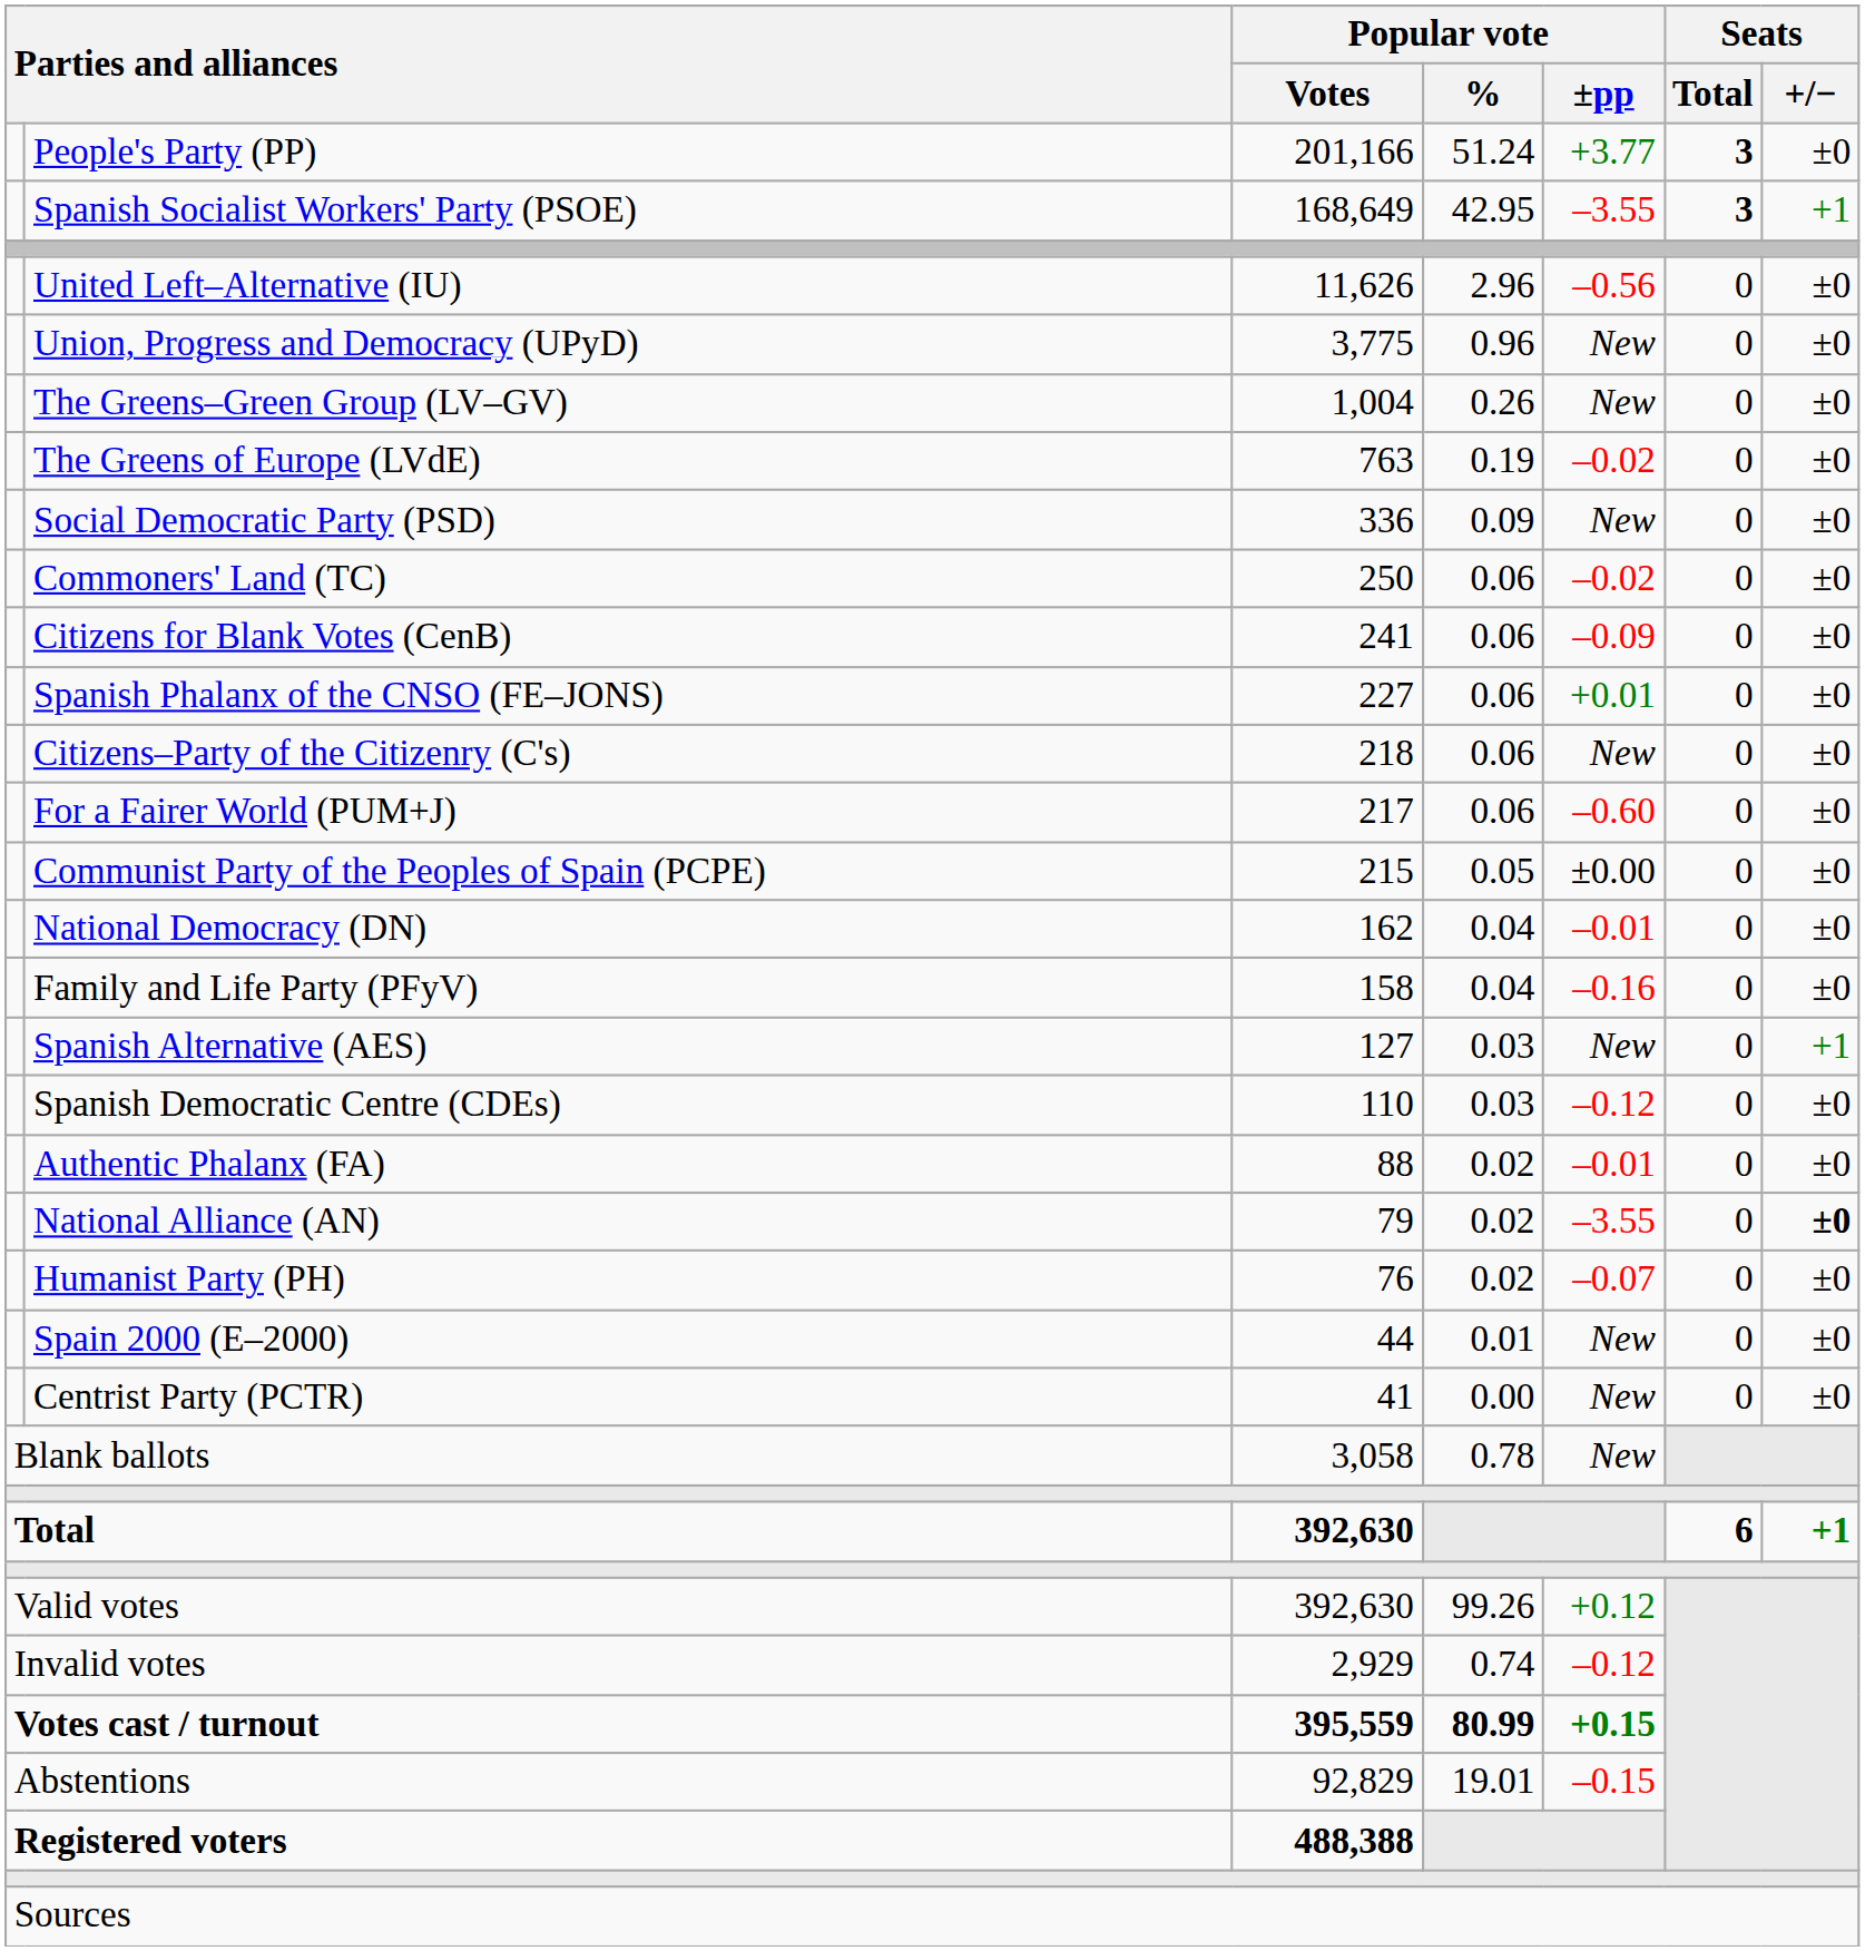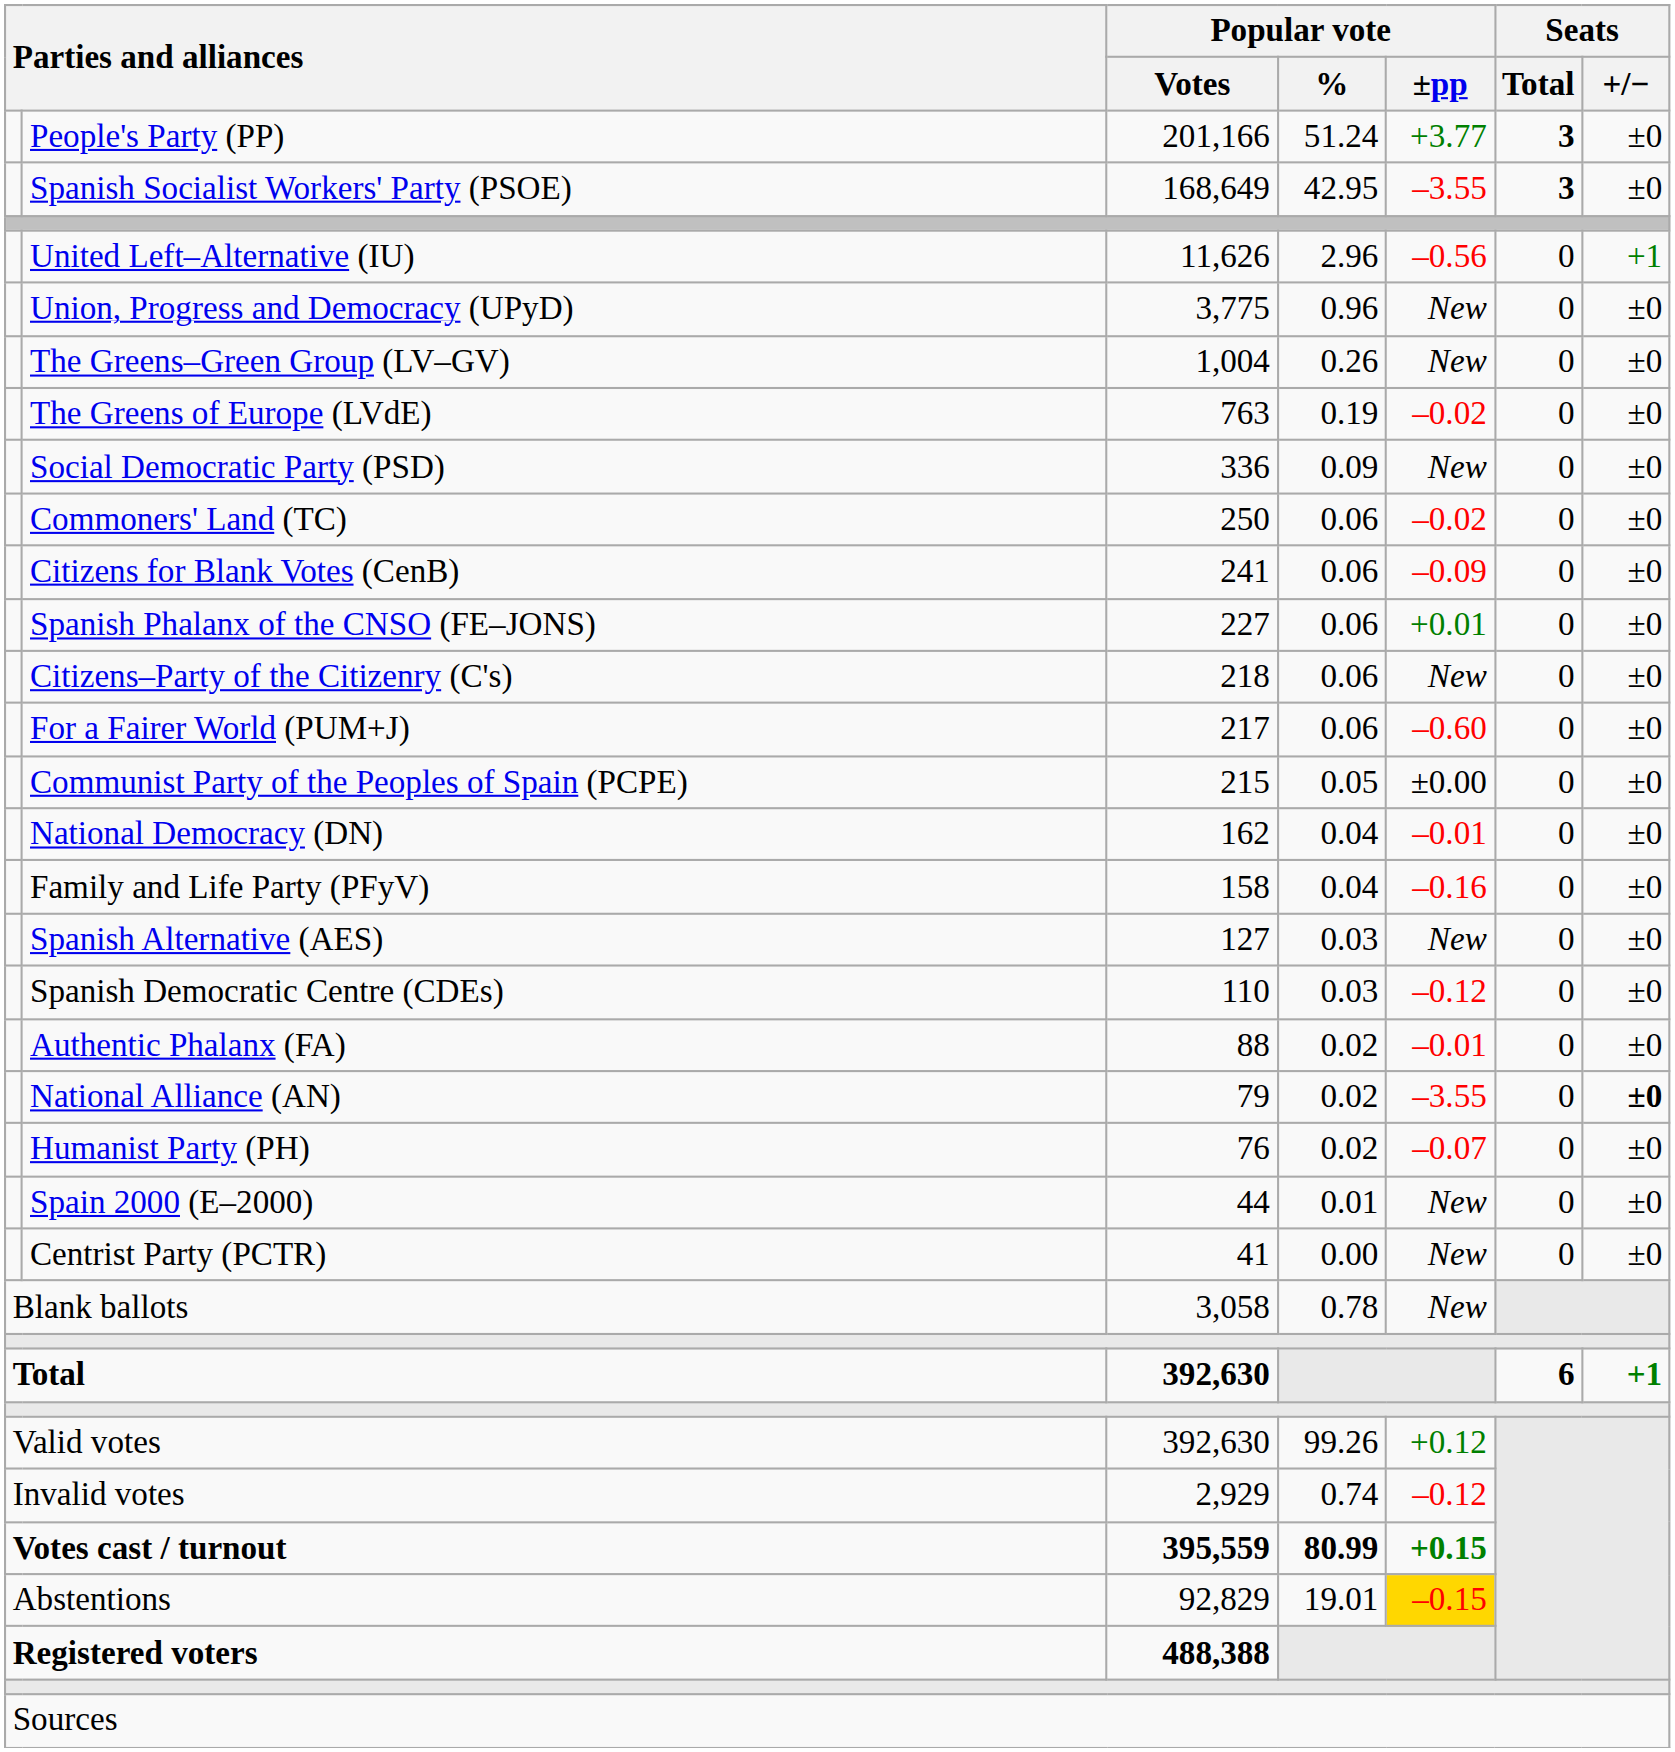 <table class="wikitable" style="text-align:right;">
 <tr>
 <th style="text-align:left;" rowspan="2" colspan="2" width="525">Parties and alliances</th>
 <th colspan="3">Popular vote</th>
 <th colspan="2">Seats</th>
 </tr>
 <tr>
 <th width="75">Votes</th>
 <th width="45">%</th>
 <th width="45">±<a href='#'>pp</a></th>
 <th width="35">Total</th>
 <th width="35">+/−</th>
 </tr>
 <tr>
 <td width="1" style="color:inherit;background:"></td>
 <td align="left"><a href='#'>People's Party</a> (PP)</td>
 <td>201,166</td>
 <td>51.24</td>
 <td style="color:green;">+3.77</td>
 <td><strong>3</strong></td>
 <td>±0</td>
 </tr>
 <tr>
 <td style="color:inherit;background:"></td>
 <td align="left"><a href='#'>Spanish Socialist Workers' Party</a> (PSOE)</td>
 <td>168,649</td>
 <td>42.95</td>
 <td style="color:red;">–3.55</td>
 <td><strong>3</strong></td>
-<td style="color:green;">+1</td>
+<td>±0</td>
 </tr>
 <tr>
 <td colspan="7" bgcolor="#C0C0C0"></td>
 </tr>
 <tr>
 <td style="color:inherit;background:"></td>
 <td align="left"><a href='#'>United Left–Alternative</a> (IU)</td>
 <td>11,626</td>
 <td>2.96</td>
 <td style="color:red;">–0.56</td>
 <td>0</td>
-<td>±0</td>
+<td style="color:green;">+1</td>
 </tr>
 <tr>
 <td style="color:inherit;background:"></td>
 <td align="left"><a href='#'>Union, Progress and Democracy</a> (UPyD)</td>
 <td>3,775</td>
 <td>0.96</td>
 <td><em>New</em></td>
 <td>0</td>
 <td>±0</td>
 </tr>
 <tr>
 <td style="color:inherit;background:"></td>
 <td align="left"><a href='#'>The Greens–Green Group</a> (LV–GV)</td>
 <td>1,004</td>
 <td>0.26</td>
 <td><em>New</em></td>
 <td>0</td>
 <td>±0</td>
 </tr>
 <tr>
 <td style="color:inherit;background:"></td>
 <td align="left"><a href='#'>The Greens of Europe</a> (LVdE)</td>
 <td>763</td>
 <td>0.19</td>
 <td style="color:red;">–0.02</td>
 <td>0</td>
 <td>±0</td>
 </tr>
 <tr>
 <td style="color:inherit;background:"></td>
 <td align="left"><a href='#'>Social Democratic Party</a> (PSD)</td>
 <td>336</td>
 <td>0.09</td>
 <td><em>New</em></td>
 <td>0</td>
 <td>±0</td>
 </tr>
 <tr>
 <td style="color:inherit;background:"></td>
 <td align="left"><a href='#'>Commoners' Land</a> (TC)</td>
 <td>250</td>
 <td>0.06</td>
 <td style="color:red;">–0.02</td>
 <td>0</td>
 <td>±0</td>
 </tr>
 <tr>
 <td style="color:inherit;background:"></td>
 <td align="left"><a href='#'>Citizens for Blank Votes</a> (CenB)</td>
 <td>241</td>
 <td>0.06</td>
 <td style="color:red;">–0.09</td>
 <td>0</td>
 <td>±0</td>
 </tr>
 <tr>
 <td style="color:inherit;background:"></td>
 <td align="left"><a href='#'>Spanish Phalanx of the CNSO</a> (FE–JONS)</td>
 <td>227</td>
 <td>0.06</td>
 <td style="color:green;">+0.01</td>
 <td>0</td>
 <td>±0</td>
 </tr>
 <tr>
 <td style="color:inherit;background:"></td>
 <td align="left"><a href='#'>Citizens–Party of the Citizenry</a> (C's)</td>
 <td>218</td>
 <td>0.06</td>
 <td><em>New</em></td>
 <td>0</td>
 <td>±0</td>
 </tr>
 <tr>
 <td style="color:inherit;background:"></td>
 <td align="left"><a href='#'>For a Fairer World</a> (PUM+J)</td>
 <td>217</td>
 <td>0.06</td>
 <td style="color:red;">–0.60</td>
 <td>0</td>
 <td>±0</td>
 </tr>
 <tr>
 <td style="color:inherit;background:"></td>
 <td align="left"><a href='#'>Communist Party of the Peoples of Spain</a> (PCPE)</td>
 <td>215</td>
 <td>0.05</td>
 <td>±0.00</td>
 <td>0</td>
 <td>±0</td>
 </tr>
 <tr>
 <td style="color:inherit;background:"></td>
 <td align="left"><a href='#'>National Democracy</a> (DN)</td>
 <td>162</td>
 <td>0.04</td>
 <td style="color:red;">–0.01</td>
 <td>0</td>
 <td>±0</td>
 </tr>
 <tr>
 <td style="color:inherit;background:"></td>
 <td align="left">Family and Life Party (PFyV)</td>
 <td>158</td>
 <td>0.04</td>
 <td style="color:red;">–0.16</td>
 <td>0</td>
 <td>±0</td>
 </tr>
 <tr>
 <td style="color:inherit;background:"></td>
 <td align="left"><a href='#'>Spanish Alternative</a> (AES)</td>
 <td>127</td>
 <td>0.03</td>
 <td><em>New</em></td>
 <td>0</td>
-<td style="color:green;">+1</td>
+<td>±0</td>
 </tr>
 <tr>
 <td style="color:inherit;background:"></td>
 <td align="left">Spanish Democratic Centre (CDEs)</td>
 <td>110</td>
 <td>0.03</td>
 <td style="color:red;">–0.12</td>
 <td>0</td>
 <td>±0</td>
 </tr>
 <tr>
 <td style="color:inherit;background:"></td>
 <td align="left"><a href='#'>Authentic Phalanx</a> (FA)</td>
 <td>88</td>
 <td>0.02</td>
 <td style="color:red;">–0.01</td>
 <td>0</td>
 <td>±0</td>
 </tr>
 <tr>
 <td style="color:inherit;background:"></td>
 <td align="left"><a href='#'>National Alliance</a> (AN)</td>
 <td>79</td>
 <td>0.02</td>
 <td style="color:red;">–3.55</td>
 <td>0</td>
 <td><strong>±0</strong></td>
 </tr>
 <tr>
 <td style="color:inherit;background:"></td>
 <td align="left"><a href='#'>Humanist Party</a> (PH)</td>
 <td>76</td>
 <td>0.02</td>
 <td style="color:red;">–0.07</td>
 <td>0</td>
 <td>±0</td>
 </tr>
 <tr>
 <td style="color:inherit;background:"></td>
 <td align="left"><a href='#'>Spain 2000</a> (E–2000)</td>
 <td>44</td>
 <td>0.01</td>
 <td><em>New</em></td>
 <td>0</td>
 <td>±0</td>
 </tr>
 <tr>
 <td style="color:inherit;background:"></td>
 <td align="left">Centrist Party (PCTR)</td>
 <td>41</td>
 <td>0.00</td>
 <td><em>New</em></td>
 <td>0</td>
 <td>±0</td>
 </tr>
 <tr>
 <td align="left" colspan="2">Blank ballots</td>
 <td>3,058</td>
 <td>0.78</td>
 <td><em>New</em></td>
 <td bgcolor="#E9E9E9" colspan="2"></td>
 </tr>
 <tr>
 <td colspan="7" bgcolor="#E9E9E9"></td>
 </tr>
 <tr style="font-weight:bold;">
 <td align="left" colspan="2">Total</td>
 <td>392,630</td>
 <td bgcolor="#E9E9E9" colspan="2"></td>
 <td>6</td>
 <td style="color:green;">+1</td>
 </tr>
 <tr>
 <td colspan="7" bgcolor="#E9E9E9"></td>
 </tr>
 <tr>
 <td align="left" colspan="2">Valid votes</td>
 <td>392,630</td>
 <td>99.26</td>
 <td style="color:green;">+0.12</td>
 <td bgcolor="#E9E9E9" colspan="2" rowspan="5"></td>
 </tr>
 <tr>
 <td align="left" colspan="2">Invalid votes</td>
 <td>2,929</td>
 <td>0.74</td>
 <td style="color:red;">–0.12</td>
 </tr>
 <tr style="font-weight:bold;">
 <td align="left" colspan="2">Votes cast / turnout</td>
 <td>395,559</td>
 <td>80.99</td>
 <td style="color:green;">+0.15</td>
 </tr>
 <tr>
 <td align="left" colspan="2">Abstentions</td>
 <td>92,829</td>
 <td>19.01</td>
-<td style="color:red;">–0.15</td>
+<td style="background: gold; color:red;">–0.15</td>
 </tr>
 <tr style="font-weight:bold;">
 <td align="left" colspan="2">Registered voters</td>
 <td>488,388</td>
 <td bgcolor="#E9E9E9" colspan="2"></td>
 </tr>
 <tr>
 <td colspan="7" bgcolor="#E9E9E9"></td>
 </tr>
 <tr>
 <td align="left" colspan="7">Sources</td>
 </tr>
 </table>
